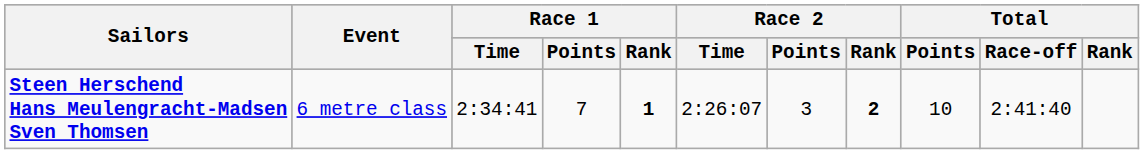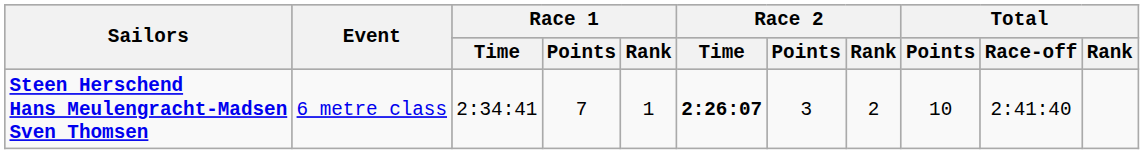 <table class=wikitable style="font-size:90%">
 <tr>
 <th rowspan=2>Sailors</th>
 <th rowspan=2>Event</th>
 <th colspan=3>Race 1</th>
 <th colspan=3>Race 2</th>
 <th colspan=3>Total</th>
 </tr>
 <tr>
 <th>Time</th>
 <th>Points</th>
 <th>Rank</th>
 <th>Time</th>
 <th>Points</th>
 <th>Rank</th>
 <th>Points</th>
 <th>Race-off</th>
 <th>Rank</th>
 </tr>
 <tr>
 <td><strong><a href='#'>Steen Herschend</a> <br> <a href='#'>Hans Meulengracht-Madsen</a> <br> <a href='#'>Sven Thomsen</a></strong></td>
 <td><a href='#'>6 metre class</a></td>
 <td align=center>2:34:41</td>
 <td align=center>7</td>
-<td align=center><strong>1</strong></td>
-<td align=center>2:26:07</td>
+<td align=center>1</td>
+<td align=center><strong>2:26:07</strong></td>
 <td align=center>3</td>
-<td align=center><strong>2</strong></td>
+<td align=center>2</td>
 <td align=center>10</td>
 <td align=center>2:41:40</td>
 <td align=center></td>
 </tr>
 </table>
